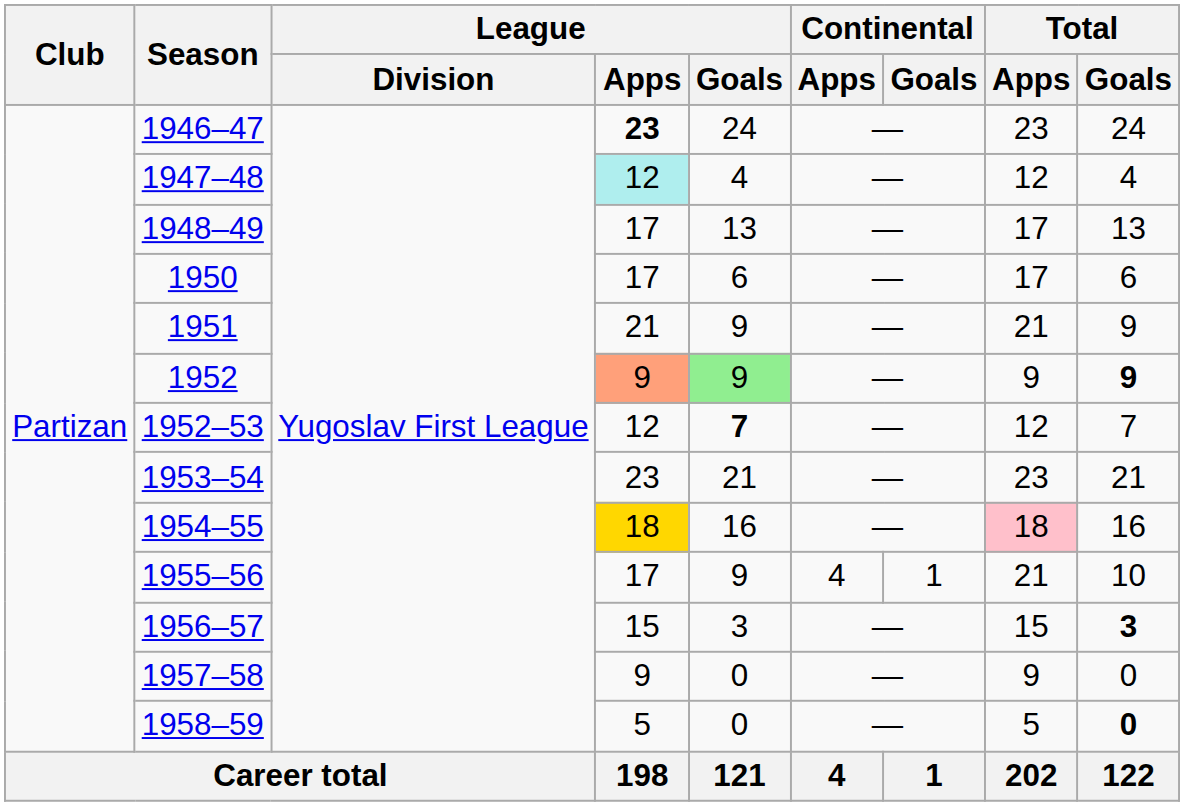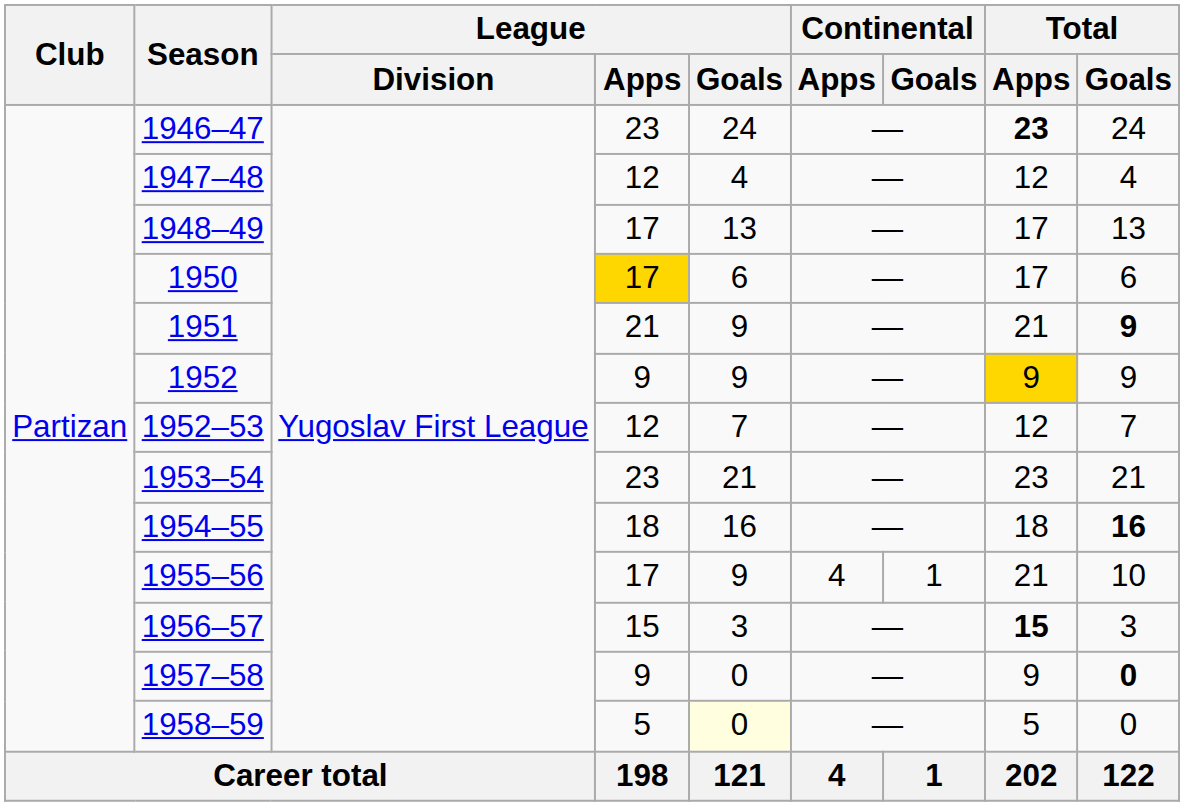 <table class="wikitable" style="text-align:center">
 <tr>
 <th rowspan="2">Club</th>
 <th rowspan="2">Season</th>
 <th colspan="3">League</th>
 <th colspan="2">Continental</th>
 <th colspan="2">Total</th>
 </tr>
 <tr>
 <th>Division</th>
 <th>Apps</th>
 <th>Goals</th>
 <th>Apps</th>
 <th>Goals</th>
 <th>Apps</th>
 <th>Goals</th>
 </tr>
 <tr>
 <td rowspan="13"><a href='#'>Partizan</a></td>
 <td><a href='#'>1946–47</a></td>
 <td rowspan="13"><a href='#'>Yugoslav First League</a></td>
-<td><strong>23</strong></td>
+<td>23</td>
 <td>24</td>
 <td colspan="2">—</td>
-<td>23</td>
+<td><strong>23</strong></td>
 <td>24</td>
 </tr>
 <tr>
 <td><a href='#'>1947–48</a></td>
-<td style="background: paleturquoise;">12</td>
+<td>12</td>
 <td>4</td>
 <td colspan="2">—</td>
 <td>12</td>
 <td>4</td>
 </tr>
 <tr>
 <td><a href='#'>1948–49</a></td>
 <td>17</td>
 <td>13</td>
 <td colspan="2">—</td>
 <td>17</td>
 <td>13</td>
 </tr>
 <tr>
 <td><a href='#'>1950</a></td>
-<td>17</td>
+<td style="background: gold;">17</td>
 <td>6</td>
 <td colspan="2">—</td>
 <td>17</td>
 <td>6</td>
 </tr>
 <tr>
 <td><a href='#'>1951</a></td>
 <td>21</td>
 <td>9</td>
 <td colspan="2">—</td>
 <td>21</td>
-<td>9</td>
+<td><strong>9</strong></td>
 </tr>
 <tr>
 <td><a href='#'>1952</a></td>
-<td style="background: lightsalmon;">9</td>
-<td style="background: lightgreen;">9</td>
+<td>9</td>
+<td>9</td>
 <td colspan="2">—</td>
+<td style="background: gold;">9</td>
 <td>9</td>
-<td><strong>9</strong></td>
 </tr>
 <tr>
 <td><a href='#'>1952–53</a></td>
 <td>12</td>
-<td><strong>7</strong></td>
+<td>7</td>
 <td colspan="2">—</td>
 <td>12</td>
 <td>7</td>
 </tr>
 <tr>
 <td><a href='#'>1953–54</a></td>
 <td>23</td>
 <td>21</td>
 <td colspan="2">—</td>
 <td>23</td>
 <td>21</td>
 </tr>
 <tr>
 <td><a href='#'>1954–55</a></td>
-<td style="background: gold;">18</td>
+<td>18</td>
 <td>16</td>
 <td colspan="2">—</td>
-<td style="background: pink;">18</td>
-<td>16</td>
+<td>18</td>
+<td><strong>16</strong></td>
 </tr>
 <tr>
 <td><a href='#'>1955–56</a></td>
 <td>17</td>
 <td>9</td>
 <td>4</td>
 <td>1</td>
 <td>21</td>
 <td>10</td>
 </tr>
 <tr>
 <td><a href='#'>1956–57</a></td>
 <td>15</td>
 <td>3</td>
 <td colspan="2">—</td>
-<td>15</td>
-<td><strong>3</strong></td>
+<td><strong>15</strong></td>
+<td>3</td>
 </tr>
 <tr>
 <td><a href='#'>1957–58</a></td>
 <td>9</td>
 <td>0</td>
 <td colspan="2">—</td>
 <td>9</td>
-<td>0</td>
+<td><strong>0</strong></td>
 </tr>
 <tr>
 <td><a href='#'>1958–59</a></td>
 <td>5</td>
-<td>0</td>
+<td style="background: lightyellow;">0</td>
 <td colspan="2">—</td>
 <td>5</td>
-<td><strong>0</strong></td>
+<td>0</td>
 </tr>
 <tr>
 <th colspan="3">Career total</th>
 <th>198</th>
 <th>121</th>
 <th>4</th>
 <th>1</th>
 <th>202</th>
 <th>122</th>
 </tr>
 </table>
